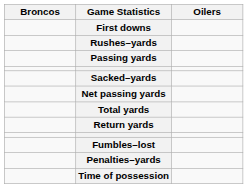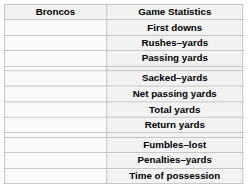 <table class="wikitable" style="margin: 1em auto 1em auto">
 <tr>
 <th style="width:30%;">Broncos</th>
 <th style="width:40%;">Game Statistics</th>
-<th style="width:30%;">Oilers</th>
 </tr>
 <tr>
 <td style="text-align:right;"></td>
 <th>First downs</th>
-<td></td>
 </tr>
 <tr>
 <td style="text-align:right;"></td>
 <th>Rushes–yards</th>
-<td></td>
 </tr>
 <tr>
 <td style="text-align:right;"></td>
 <th>Passing yards</th>
-<td></td>
 </tr>
 <tr>
 <td style="text-align:right;"></td>
 <th></th>
-<td></td>
 </tr>
 <tr>
 <td style="text-align:right;"></td>
 <th>Sacked–yards</th>
-<td></td>
 </tr>
 <tr>
 <td style="text-align:right;"></td>
 <th>Net passing yards</th>
-<td></td>
 </tr>
 <tr>
 <td style="text-align:right;"></td>
 <th>Total yards</th>
-<td></td>
 </tr>
 <tr>
 <td style="text-align:right;"></td>
 <th>Return yards</th>
-<td></td>
 </tr>
 <tr>
 <td style="text-align:right;"></td>
 <th></th>
-<td></td>
 </tr>
 <tr>
 <td style="text-align:right;"></td>
 <th>Fumbles–lost</th>
-<td></td>
 </tr>
 <tr>
 <td style="text-align:right;"></td>
 <th>Penalties–yards</th>
-<td></td>
 </tr>
 <tr>
 <td style="text-align:right;"></td>
 <th>Time of possession</th>
-<td></td>
 </tr>
 </table>
